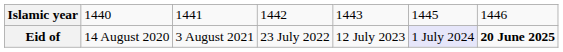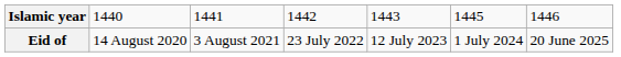 <table class="wikitable">
 <tr>
 <th>Islamic year</th>
 <td>1440</td>
 <td>1441</td>
 <td>1442</td>
 <td>1443</td>
 <td>1445</td>
 <td>1446</td>
 </tr>
 <tr>
 <th>Eid of </th>
 <td>14 August 2020</td>
 <td>3 August 2021</td>
 <td>23 July 2022</td>
 <td>12 July 2023</td>
-<td style="background: lavender;">1 July 2024</td>
-<td><strong>20 June 2025</strong></td>
+<td>1 July 2024</td>
+<td>20 June 2025</td>
 </tr>
 </table>
